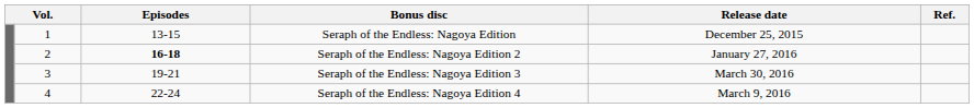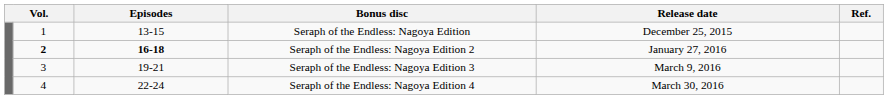 <table class="wikitable" style="text-align: center; width: 98%;">
 <tr>
 <th colspan="2">Vol.</th>
 <th>Episodes</th>
 <th width="35%">Bonus disc</th>
 <th>Release date</th>
 <th width="5%">Ref.</th>
 </tr>
 <tr>
 <td rowspan="10" width="1%" style="background: DimGray;"></td>
 <td>1</td>
 <td>13-15</td>
 <td>Seraph of the Endless: Nagoya Edition</td>
 <td>December 25, 2015</td>
 <td></td>
 </tr>
 <tr>
-<td>2</td>
+<td><strong>2</strong></td>
 <td><strong>16-18</strong></td>
 <td>Seraph of the Endless: Nagoya Edition 2</td>
 <td>January 27, 2016</td>
 <td></td>
 </tr>
 <tr>
 <td>3</td>
 <td>19-21</td>
 <td>Seraph of the Endless: Nagoya Edition 3</td>
-<td>March 30, 2016</td>
+<td>March 9, 2016</td>
 <td></td>
 </tr>
 <tr>
 <td>4</td>
 <td>22-24</td>
 <td>Seraph of the Endless: Nagoya Edition 4</td>
-<td>March 9, 2016</td>
+<td>March 30, 2016</td>
 <td></td>
 </tr>
 </table>
